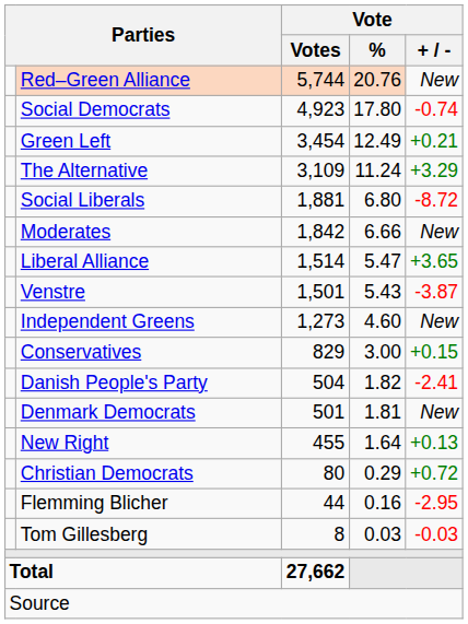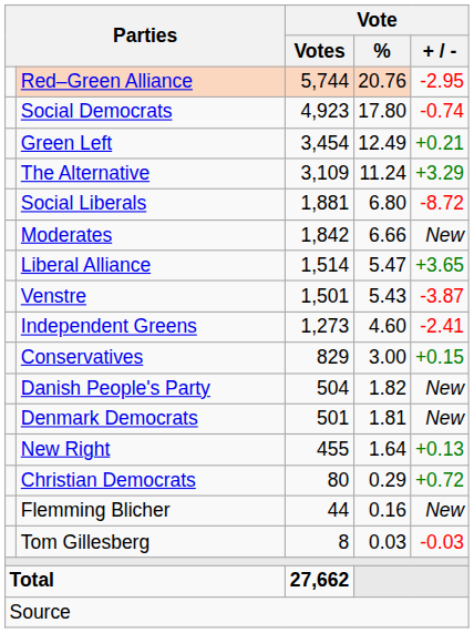 <table class="wikitable" style="text-align:right;">
 <tr>
 <th style="text-align:centre;" rowspan="2" colspan="2" width="225">Parties</th>
 <th colspan="3">Vote</th>
 </tr>
 <tr>
 <th width="15">Votes</th>
 <th width="15">%</th>
 <th width="15">+ / -</th>
 </tr>
 <tr>
 <td width="2" style="color:inherit;background:"></td>
 <td bgcolor=#fcd7c0  align="left"><a href='#'>Red–Green Alliance</a></td>
 <td bgcolor=#fcd7c0>5,744</td>
 <td bgcolor=#fcd7c0>20.76</td>
-<td><em>New</em></td>
+<td style=color:red;>-2.95</td>
 </tr>
 <tr>
 <td width="2" style="color:inherit;background:"></td>
 <td align="left"><a href='#'>Social Democrats</a></td>
 <td>4,923</td>
 <td>17.80</td>
 <td style=color:red;>-0.74</td>
 </tr>
 <tr>
 <td width="2" style="color:inherit;background:"></td>
 <td align="left"><a href='#'>Green Left</a></td>
 <td>3,454</td>
 <td>12.49</td>
 <td style=color:green;>+0.21</td>
 </tr>
 <tr>
 <td width="2" style="color:inherit;background:"></td>
 <td align="left"><a href='#'>The Alternative</a></td>
 <td>3,109</td>
 <td>11.24</td>
 <td style=color:green;>+3.29</td>
 </tr>
 <tr>
 <td width="2" style="color:inherit;background:"></td>
 <td align="left"><a href='#'>Social Liberals</a></td>
 <td>1,881</td>
 <td>6.80</td>
 <td style=color:red;>-8.72</td>
 </tr>
 <tr>
 <td width="2" style="color:inherit;background:"></td>
 <td align="left"><a href='#'>Moderates</a></td>
 <td>1,842</td>
 <td>6.66</td>
 <td><em>New</em></td>
 </tr>
 <tr>
 <td width="2" style="color:inherit;background:"></td>
 <td align="left"><a href='#'>Liberal Alliance</a></td>
 <td>1,514</td>
 <td>5.47</td>
 <td style=color:green;>+3.65</td>
 </tr>
 <tr>
 <td width="2" style="color:inherit;background:"></td>
 <td align="left"><a href='#'>Venstre</a></td>
 <td>1,501</td>
 <td>5.43</td>
 <td style=color:red;>-3.87</td>
 </tr>
 <tr>
 <td width="2" style="color:inherit;background:"></td>
 <td align="left"><a href='#'>Independent Greens</a></td>
 <td>1,273</td>
 <td>4.60</td>
-<td><em>New</em></td>
+<td style=color:red;>-2.41</td>
 </tr>
 <tr>
 <td width="2" style="color:inherit;background:"></td>
 <td align="left"><a href='#'>Conservatives</a></td>
 <td>829</td>
 <td>3.00</td>
 <td style=color:green;>+0.15</td>
 </tr>
 <tr>
 <td width="2" style="color:inherit;background:"></td>
 <td align="left"><a href='#'>Danish People's Party</a></td>
 <td>504</td>
 <td>1.82</td>
-<td style=color:red;>-2.41</td>
+<td><em>New</em></td>
 </tr>
 <tr>
 <td width="2" style="color:inherit;background:"></td>
 <td align="left"><a href='#'>Denmark Democrats</a></td>
 <td>501</td>
 <td>1.81</td>
 <td><em>New</em></td>
 </tr>
 <tr>
 <td width="2" style="color:inherit;background:"></td>
 <td align="left"><a href='#'>New Right</a></td>
 <td>455</td>
 <td>1.64</td>
 <td style=color:green;>+0.13</td>
 </tr>
 <tr>
 <td width="2" style="color:inherit;background:"></td>
 <td align="left"><a href='#'>Christian Democrats</a></td>
 <td>80</td>
 <td>0.29</td>
 <td style=color:green;>+0.72</td>
 </tr>
 <tr>
 <td width="2" style="color:inherit;background:"></td>
 <td align="left">Flemming Blicher</td>
 <td>44</td>
 <td>0.16</td>
-<td style=color:red;>-2.95</td>
+<td><em>New</em></td>
 </tr>
 <tr>
 <td width="2" style="color:inherit;background:"></td>
 <td align="left">Tom Gillesberg</td>
 <td>8</td>
 <td>0.03</td>
 <td style=color:red;>-0.03</td>
 </tr>
 <tr>
 <td colspan="7" bgcolor="#E9E9E9"></td>
 </tr>
 <tr>
 <td align="left" colspan="2"><strong>Total</strong></td>
 <td><strong>27,662</strong></td>
 <td bgcolor="#E9E9E9" colspan="2"></td>
 </tr>
 <tr>
 <td align="left" colspan="6">Source</td>
 </tr>
 </table>
